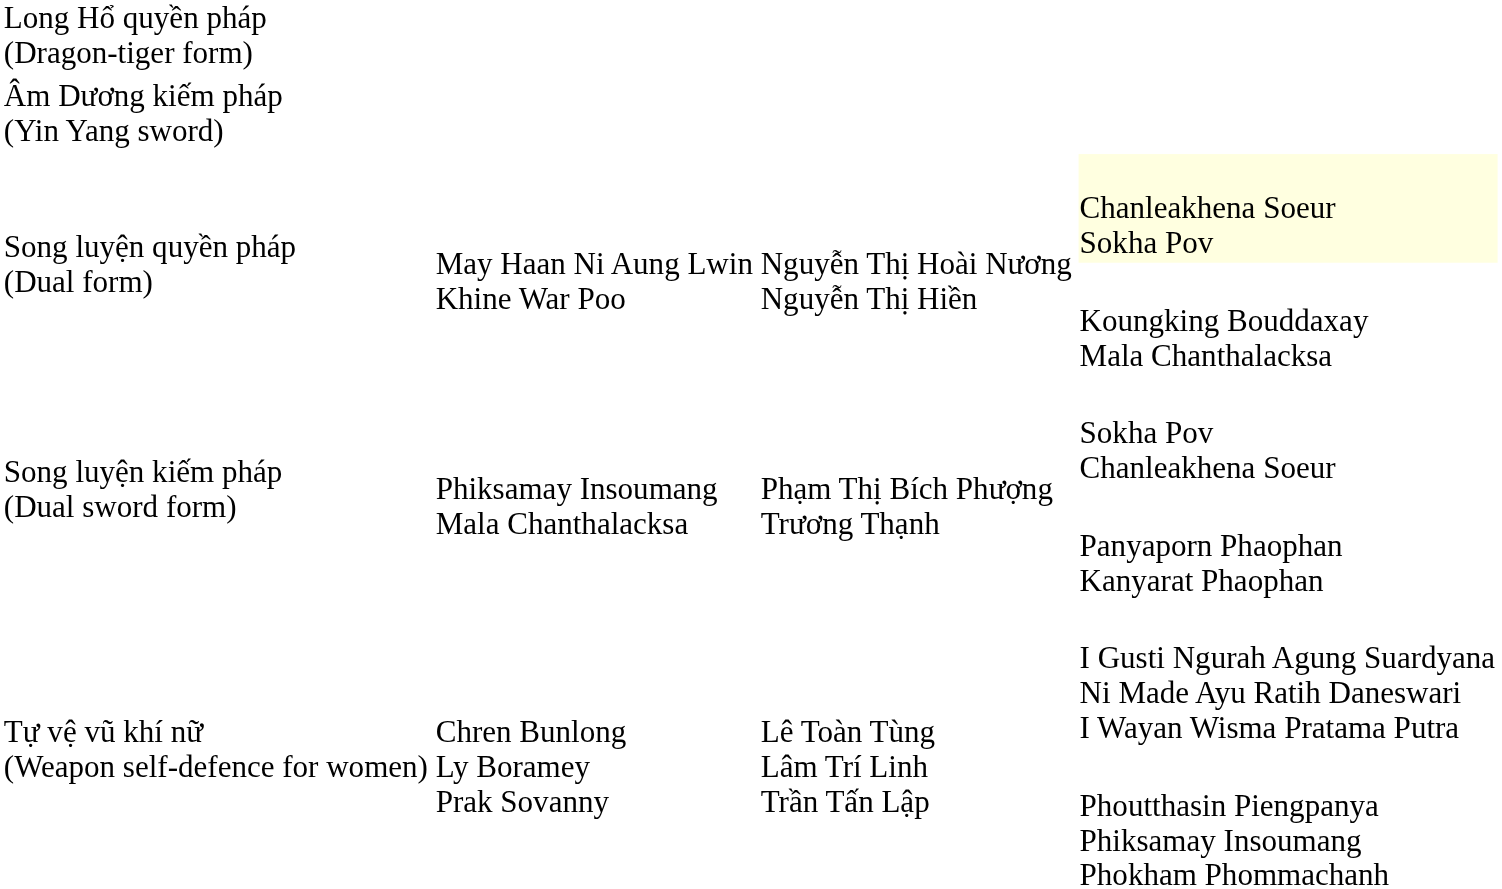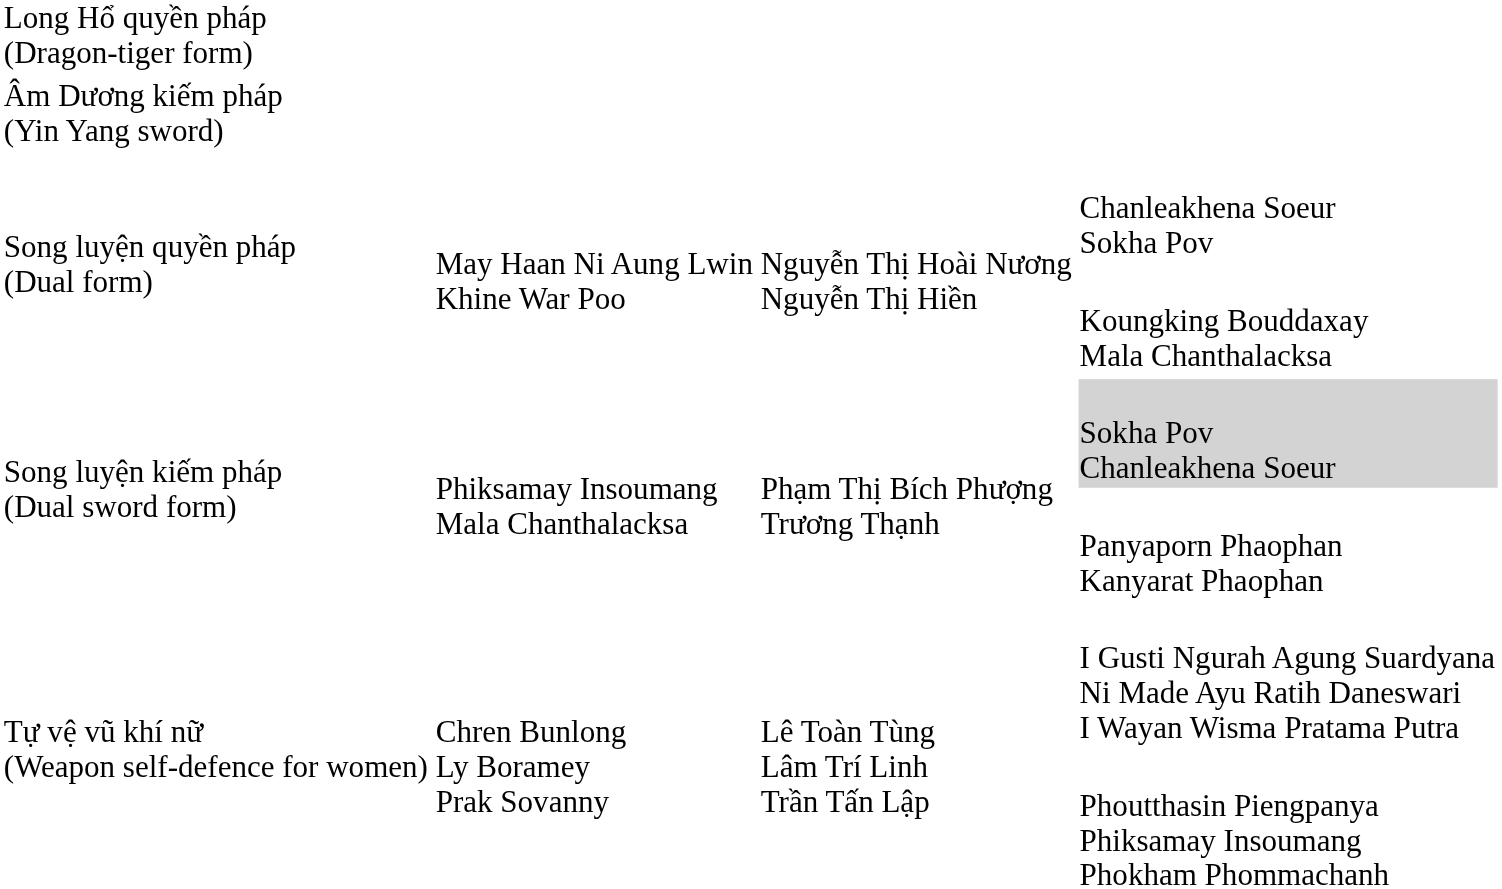 <table>
 <tr>
 <td rowspan=2>Long Hổ quyền pháp<br>(Dragon-tiger form)</td>
 <td rowspan=2></td>
 <td rowspan=2></td>
 <td></td>
 </tr>
 <tr>
 <td></td>
 </tr>
 <tr>
 <td rowspan=2>Âm Dương kiếm pháp<br>(Yin Yang sword)</td>
 <td rowspan=2></td>
 <td rowspan=2></td>
 <td></td>
 </tr>
 <tr>
 <td></td>
 </tr>
 <tr>
 <td rowspan=2>Song luyện quyền pháp<br>(Dual form)</td>
 <td rowspan=2><br>May Haan Ni Aung Lwin<br>Khine War Poo</td>
 <td rowspan=2><br>Nguyễn Thị Hoài Nương<br>Nguyễn Thị Hiền</td>
-<td style="background: lightyellow;"><br>Chanleakhena Soeur<br>Sokha Pov</td>
+<td><br>Chanleakhena Soeur<br>Sokha Pov</td>
 </tr>
 <tr>
 <td><br>Koungking Bouddaxay<br>Mala Chanthalacksa</td>
 </tr>
 <tr>
 <td rowspan=2>Song luyện kiếm pháp<br>(Dual sword form)</td>
 <td rowspan=2><br>Phiksamay Insoumang<br>Mala Chanthalacksa</td>
 <td rowspan=2><br>Phạm Thị Bích Phượng<br>Trương Thạnh</td>
-<td><br>Sokha Pov<br>Chanleakhena Soeur</td>
+<td style="background: lightgrey;"><br>Sokha Pov<br>Chanleakhena Soeur</td>
 </tr>
 <tr>
 <td><br>Panyaporn Phaophan<br>Kanyarat Phaophan</td>
 </tr>
 <tr>
 <td rowspan=2>Tự vệ vũ khí nữ<br>(Weapon self-defence for women)</td>
 <td rowspan=2><br>Chren Bunlong<br>Ly Boramey<br>Prak Sovanny</td>
 <td rowspan=2><br>Lê Toàn Tùng<br>Lâm Trí Linh<br>Trần Tấn Lập</td>
 <td><br>I Gusti Ngurah Agung Suardyana<br>Ni Made Ayu Ratih Daneswari<br>I Wayan Wisma Pratama Putra</td>
 </tr>
 <tr>
 <td><br>Phoutthasin Piengpanya<br>Phiksamay Insoumang<br>Phokham Phommachanh</td>
 </tr>
 </table>
